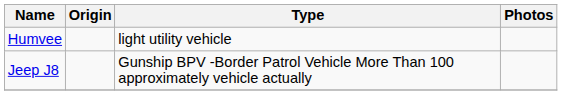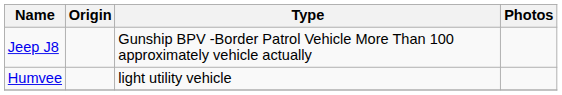 <table class="wikitable">
 <tr>
 <th>Name</th>
 <th>Origin</th>
 <th>Type</th>
 <th>Photos</th>
 </tr>
 <tr>
+<td><a href='#'>Jeep J8</a></td>
+<td></td>
+<td>Gunship BPV -Border Patrol Vehicle More Than 100 approximately vehicle actually</td>
+<td></td>
+</tr>
+<tr>
 <td><a href='#'>Humvee</a></td>
 <td></td>
 <td>light utility vehicle</td>
 <td></td>
 </tr>
 <tr>
-<td><a href='#'>Jeep J8</a></td>
-<td></td>
-<td>Gunship BPV -Border Patrol Vehicle More Than 100 approximately vehicle actually</td>
-<td></td>
-</tr>
-<tr>
 </tr>
 </table>
